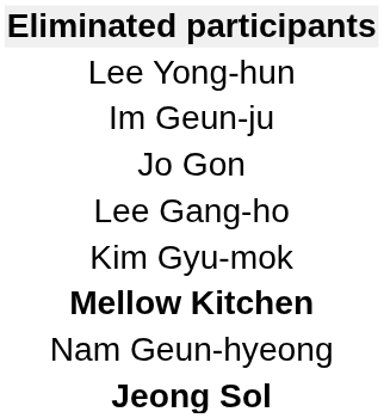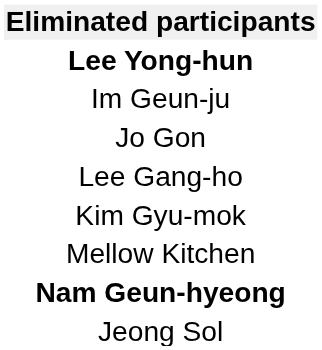 <table class="toccolours" align="right" style="margin:0 0 1em 1em;font-size:100%;text-align:center;background:transparent;">
 <tr style="border-bottom:solid 3px;">
 <th colspan="2" bgcolor="#f0f0f0">Eliminated participants</th>
 </tr>
 <tr align="center">
-<td>Lee Yong-hun</td>
+<td><strong>Lee Yong-hun</strong></td>
 </tr>
 <tr align=center>
 <td>Im Geun-ju</td>
 </tr>
 <tr align=center>
 <td>Jo Gon</td>
 </tr>
 <tr align=center>
 <td>Lee Gang-ho</td>
 </tr>
 <tr align=center>
 <td>Kim Gyu-mok</td>
 </tr>
 <tr align=center>
-<td><strong>Mellow Kitchen</strong></td>
+<td>Mellow Kitchen</td>
 </tr>
 <tr align=center>
-<td>Nam Geun-hyeong</td>
+<td><strong>Nam Geun-hyeong</strong></td>
 </tr>
 <tr align=center>
-<td><strong>Jeong Sol</strong></td>
+<td>Jeong Sol</td>
 </tr>
 </table>
